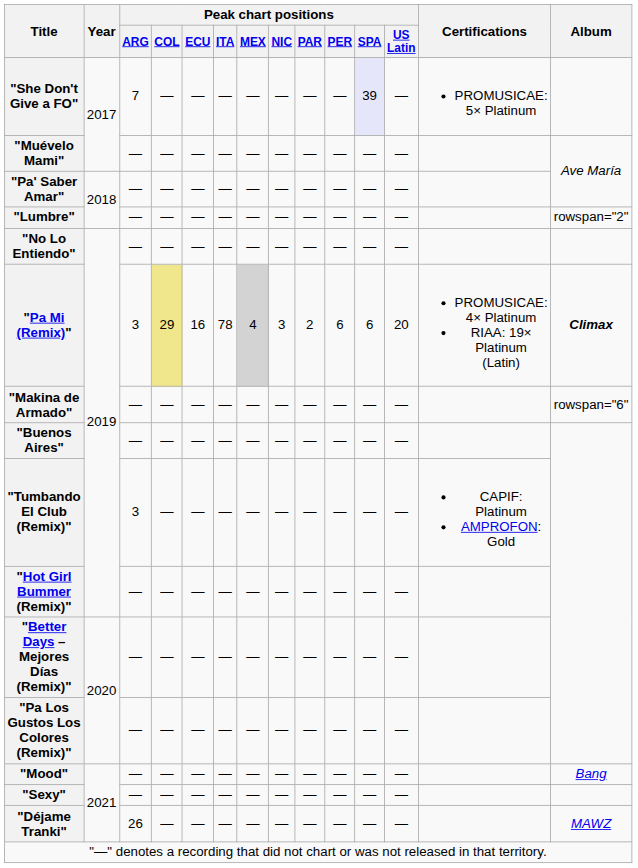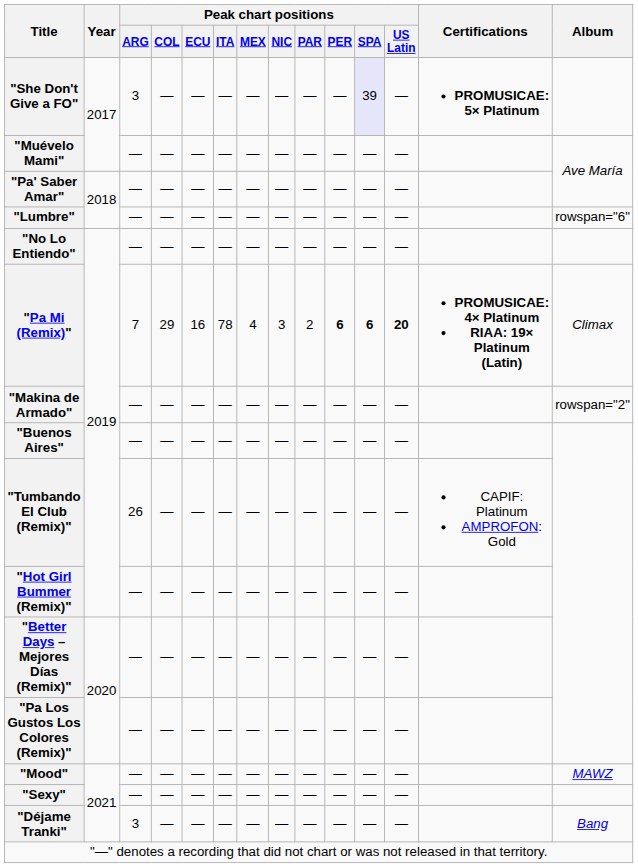 <table class="wikitable plainrowheaders" style="text-align:center;">
 <tr>
 <th scope="col" rowspan="2">Title</th>
 <th scope="col" rowspan="2">Year</th>
 <th scope="col" colspan="10">Peak chart positions</th>
 <th scope="col" rowspan="2" style="width:14em;">Certifications</th>
 <th scope="col" rowspan="2">Album</th>
 </tr>
 <tr>
 <th scope="col" style="width:3em;font-size:90%;"><a href='#'>ARG</a><br></th>
 <th scope="col" style="width:3em;font-size:90%;"><a href='#'>COL</a><br></th>
 <th scope="col" style="width:3em;font-size:90%;"><a href='#'>ECU</a><br></th>
 <th scope="col" style="width:3em;font-size:90%;"><a href='#'>ITA</a><br></th>
 <th scope="col" style="width:3em;font-size:90%;"><a href='#'>MEX</a><br></th>
 <th scope="col" style="width:3em;font-size:90%;"><a href='#'>NIC</a><br></th>
 <th scope="col" style="width:3em;font-size:90%;"><a href='#'>PAR</a><br></th>
 <th scope="col" style="width:3em;font-size:90%;"><a href='#'>PER</a><br></th>
 <th scope="col" style="width:3em;font-size:90%;"><a href='#'>SPA</a><br></th>
 <th scope="col" style="width:3em;font-size:90%;"><a href='#'>US<br>Latin</a><br></th>
 </tr>
 <tr>
 <th scope="row">"She Don't Give a FO"<br></th>
 <td rowspan="2">2017</td>
-<td>7</td>
+<td>3</td>
 <td>—</td>
 <td>—</td>
 <td>—</td>
 <td>—</td>
 <td>—</td>
 <td>—</td>
 <td>—</td>
 <td style="background: lavender;">39</td>
 <td>—</td>
-<td><br><ul><li>PROMUSICAE: 5× Platinum</li></ul></td>
+<td><strong><br><ul><li>PROMUSICAE: 5× Platinum</li></ul></strong></td>
 <td></td>
 </tr>
 <tr>
 <th scope="row">"Muévelo Mami"<br></th>
 <td>—</td>
 <td>—</td>
 <td>—</td>
 <td>—</td>
 <td>—</td>
 <td>—</td>
 <td>—</td>
 <td>—</td>
 <td>—</td>
 <td>—</td>
 <td></td>
 <td rowspan="2"><em>Ave María</em></td>
 </tr>
 <tr>
 <th scope="row">"Pa' Saber Amar"<br></th>
 <td rowspan="2">2018</td>
 <td>—</td>
 <td>—</td>
 <td>—</td>
 <td>—</td>
 <td>—</td>
 <td>—</td>
 <td>—</td>
 <td>—</td>
 <td>—</td>
 <td>—</td>
 <td></td>
 </tr>
 <tr>
 <th scope="row">"Lumbre"<br></th>
 <td>—</td>
 <td>—</td>
 <td>—</td>
 <td>—</td>
 <td>—</td>
 <td>—</td>
 <td>—</td>
 <td>—</td>
 <td>—</td>
 <td>—</td>
 <td></td>
-<td>rowspan="2" </td>
+<td>rowspan="6" </td>
 </tr>
 <tr>
 <th scope="row">"No Lo Entiendo"<br></th>
 <td rowspan="6">2019</td>
 <td>—</td>
 <td>—</td>
 <td>—</td>
 <td>—</td>
 <td>—</td>
 <td>—</td>
 <td>—</td>
 <td>—</td>
 <td>—</td>
 <td>—</td>
 <td></td>
 </tr>
 <tr>
 <th scope="row">"<a href='#'>Pa Mi (Remix)</a>"<br></th>
-<td>3</td>
-<td style="background: khaki;">29</td>
+<td>7</td>
+<td>29</td>
 <td>16</td>
 <td>78</td>
-<td style="background: lightgrey;">4</td>
+<td>4</td>
 <td>3</td>
 <td>2</td>
-<td>6</td>
-<td>6</td>
-<td>20</td>
-<td><br><ul><li>PROMUSICAE: 4× Platinum</li><li>RIAA: 19× Platinum <span>(Latin)</span></li></ul></td>
-<td><strong><em>Climax</em></strong></td>
+<td><strong>6</strong></td>
+<td><strong>6</strong></td>
+<td><strong>20</strong></td>
+<td><strong><br><ul><li>PROMUSICAE: 4× Platinum</li><li>RIAA: 19× Platinum <span>(Latin)</span></li></ul></strong></td>
+<td><em>Climax</em></td>
 </tr>
 <tr>
 <th scope="row">"Makina de Armado"<br></th>
 <td>—</td>
 <td>—</td>
 <td>—</td>
 <td>—</td>
 <td>—</td>
 <td>—</td>
 <td>—</td>
 <td>—</td>
 <td>—</td>
 <td>—</td>
 <td></td>
-<td>rowspan="6" </td>
+<td>rowspan="2" </td>
 </tr>
 <tr>
 <th scope="row">"Buenos Aires"<br></th>
 <td>—</td>
 <td>—</td>
 <td>—</td>
 <td>—</td>
 <td>—</td>
 <td>—</td>
 <td>—</td>
 <td>—</td>
 <td>—</td>
 <td>—</td>
 <td></td>
 </tr>
 <tr>
 <th scope="row">"Tumbando El Club (Remix)"<br></th>
-<td>3</td>
+<td>26</td>
 <td>—</td>
 <td>—</td>
 <td>—</td>
 <td>—</td>
 <td>—</td>
 <td>—</td>
 <td>—</td>
 <td>—</td>
 <td>—</td>
 <td><br><ul><li>CAPIF: Platinum</li><li><a href='#'>AMPROFON</a>: Gold</li></ul></td>
 </tr>
 <tr>
 <th scope="row">"<a href='#'>Hot Girl Bummer</a> (Remix)"<br></th>
 <td>—</td>
 <td>—</td>
 <td>—</td>
 <td>—</td>
 <td>—</td>
 <td>—</td>
 <td>—</td>
 <td>—</td>
 <td>—</td>
 <td>—</td>
 <td></td>
 </tr>
 <tr>
 <th scope="row">"<a href='#'>Better Days</a> – Mejores Días (Remix)"<br></th>
 <td rowspan="2">2020</td>
 <td>—</td>
 <td>—</td>
 <td>—</td>
 <td>—</td>
 <td>—</td>
 <td>—</td>
 <td>—</td>
 <td>—</td>
 <td>—</td>
 <td>—</td>
 <td></td>
 </tr>
 <tr>
 <th scope="row">"Pa Los Gustos Los Colores (Remix)"<br></th>
 <td>—</td>
 <td>—</td>
 <td>—</td>
 <td>—</td>
 <td>—</td>
 <td>—</td>
 <td>—</td>
 <td>—</td>
 <td>—</td>
 <td>—</td>
 <td></td>
 </tr>
 <tr>
 <th scope="row">"Mood"<br></th>
 <td rowspan="3">2021</td>
 <td>—</td>
 <td>—</td>
 <td>—</td>
 <td>—</td>
 <td>—</td>
 <td>—</td>
 <td>—</td>
 <td>—</td>
 <td>—</td>
 <td>—</td>
 <td></td>
-<td><em><a href='#'>Bang</a></em></td>
+<td><em><a href='#'>MAWZ</a></em></td>
 </tr>
 <tr>
 <th scope="row">"Sexy"<br></th>
 <td>—</td>
 <td>—</td>
 <td>—</td>
 <td>—</td>
 <td>—</td>
 <td>—</td>
 <td>—</td>
 <td>—</td>
 <td>—</td>
 <td>—</td>
 <td></td>
 <td></td>
 </tr>
 <tr>
 <th scope="row">"Déjame Tranki"<br></th>
-<td>26</td>
+<td>3</td>
 <td>—</td>
 <td>—</td>
 <td>—</td>
 <td>—</td>
 <td>—</td>
 <td>—</td>
 <td>—</td>
 <td>—</td>
 <td>—</td>
 <td></td>
-<td><em><a href='#'>MAWZ</a></em></td>
+<td><em><a href='#'>Bang</a></em></td>
 </tr>
 <tr>
 <td colspan="14"="font-size:90%">"—" denotes a recording that did not chart or was not released in that territory.</td>
 </tr>
 </table>
